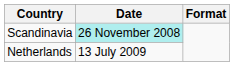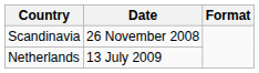 <table class="wikitable">
 <tr>
 <th align="center">Country</th>
 <th align="center">Date</th>
 <th align="center">Format</th>
 </tr>
 <tr>
 <td>Scandinavia</td>
-<td style="background: paleturquoise;">26 November 2008</td>
+<td>26 November 2008</td>
 <td rowspan="2"></td>
 </tr>
 <tr>
 <td>Netherlands</td>
 <td>13 July 2009</td>
 </tr>
 </table>
